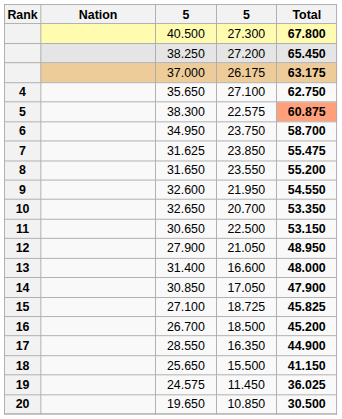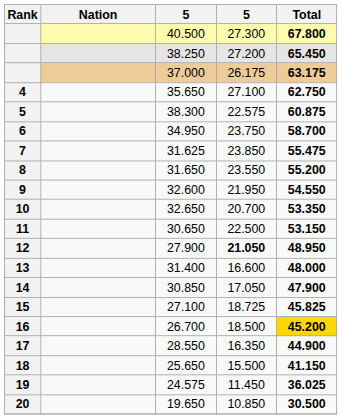 <table class="wikitable sortable" style="text-align:center; font-size:85%">
 <tr>
 <th scope="col" style="width:20px;">Rank</th>
 <th ! scope="col" style="width:120px;">Nation</th>
 <th ! scope="col" style="width:60px;" !>5 </th>
 <th ! scope="col" style="width:60px;">5 </th>
 <th ! scope="col" style="width:60px;">Total</th>
 </tr>
 <tr bgcolor=fffcaf>
 <th scope=row></th>
 <td align=left></td>
 <td>40.500</td>
 <td>27.300</td>
 <td><strong>67.800</strong></td>
 </tr>
 <tr bgcolor=e5e5e5>
 <th scope=row></th>
 <td align=left></td>
 <td>38.250</td>
 <td>27.200</td>
 <td><strong>65.450</strong></td>
 </tr>
 <tr bgcolor=eecc99>
 <th scope=row></th>
 <td align=left></td>
 <td>37.000</td>
 <td>26.175</td>
 <td><strong>63.175</strong></td>
 </tr>
 <tr>
 <th scope=row>4</th>
 <td align=left></td>
 <td>35.650</td>
 <td>27.100</td>
 <td><strong>62.750</strong></td>
 </tr>
 <tr>
 <th scope=row>5</th>
 <td align=left></td>
 <td>38.300</td>
 <td>22.575</td>
-<td style="background: lightsalmon;"><strong>60.875</strong></td>
+<td><strong>60.875</strong></td>
 </tr>
 <tr>
 <th scope=row>6</th>
 <td align=left></td>
 <td>34.950</td>
 <td>23.750</td>
 <td><strong>58.700</strong></td>
 </tr>
 <tr>
 <th scope=row>7</th>
 <td align=left></td>
 <td>31.625</td>
 <td>23.850</td>
 <td><strong>55.475</strong></td>
 </tr>
 <tr>
 <th scope=row>8</th>
 <td align=left></td>
 <td>31.650</td>
 <td>23.550</td>
 <td><strong>55.200</strong></td>
 </tr>
 <tr>
 <th scope=row>9</th>
 <td align=left></td>
 <td>32.600</td>
 <td>21.950</td>
 <td><strong>54.550</strong></td>
 </tr>
 <tr>
 <th scope=row>10</th>
 <td align=left></td>
 <td>32.650</td>
 <td>20.700</td>
 <td><strong>53.350</strong></td>
 </tr>
 <tr>
 <th scope=row>11</th>
 <td align=left></td>
 <td>30.650</td>
 <td>22.500</td>
 <td><strong>53.150</strong></td>
 </tr>
 <tr>
 <th scope=row>12</th>
 <td align=left></td>
 <td>27.900</td>
-<td>21.050</td>
+<td><strong>21.050</strong></td>
 <td><strong>48.950</strong></td>
 </tr>
 <tr>
 <th scope=row>13</th>
 <td align=left></td>
 <td>31.400</td>
 <td>16.600</td>
 <td><strong>48.000</strong></td>
 </tr>
 <tr>
 <th scope=row>14</th>
 <td align=left></td>
 <td>30.850</td>
 <td>17.050</td>
 <td><strong>47.900</strong></td>
 </tr>
 <tr>
 <th scope=row>15</th>
 <td align=left></td>
 <td>27.100</td>
 <td>18.725</td>
 <td><strong>45.825</strong></td>
 </tr>
 <tr>
 <th scope=row>16</th>
 <td align=left></td>
 <td>26.700</td>
 <td>18.500</td>
-<td><strong>45.200</strong></td>
+<td style="background: gold;"><strong>45.200</strong></td>
 </tr>
 <tr>
 <th scope=row>17</th>
 <td align=left></td>
 <td>28.550</td>
 <td>16.350</td>
 <td><strong>44.900</strong></td>
 </tr>
 <tr>
 <th scope=row>18</th>
 <td align=left></td>
 <td>25.650</td>
 <td>15.500</td>
 <td><strong>41.150</strong></td>
 </tr>
 <tr>
 <th scope=row>19</th>
 <td align=left></td>
 <td>24.575</td>
 <td>11.450</td>
 <td><strong>36.025</strong></td>
 </tr>
 <tr>
 <th scope=row>20</th>
 <td align=left></td>
 <td>19.650</td>
 <td>10.850</td>
 <td><strong>30.500</strong></td>
 </tr>
 <tr>
 </tr>
 </table>
